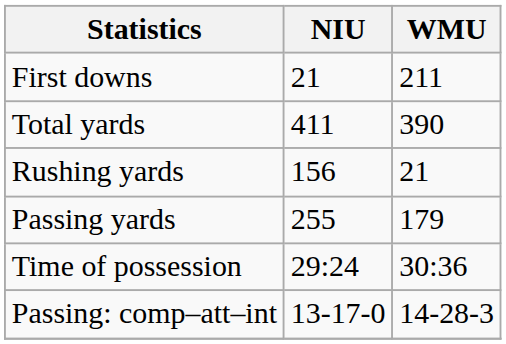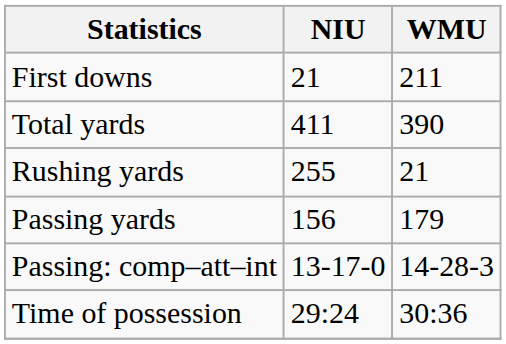 <table class="wikitable" style="float: left;">
 <tr>
 <th>Statistics</th>
 <th>NIU</th>
 <th>WMU</th>
 </tr>
 <tr>
 <td>First downs</td>
 <td>21</td>
 <td>211</td>
 </tr>
 <tr>
 <td>Total yards</td>
 <td>411</td>
 <td>390</td>
 </tr>
 <tr>
 <td>Rushing yards</td>
-<td>156</td>
+<td>255</td>
 <td>21</td>
 </tr>
 <tr>
 <td>Passing yards</td>
-<td>255</td>
+<td>156</td>
 <td>179</td>
+</tr>
+<tr>
+<td>Passing: comp–att–int</td>
+<td>13-17-0</td>
+<td>14-28-3</td>
 </tr>
 <tr>
 <td>Time of possession</td>
 <td>29:24</td>
 <td>30:36</td>
 </tr>
 <tr>
-<td>Passing: comp–att–int</td>
-<td>13-17-0</td>
-<td>14-28-3</td>
-</tr>
-<tr>
 </tr>
 </table>
